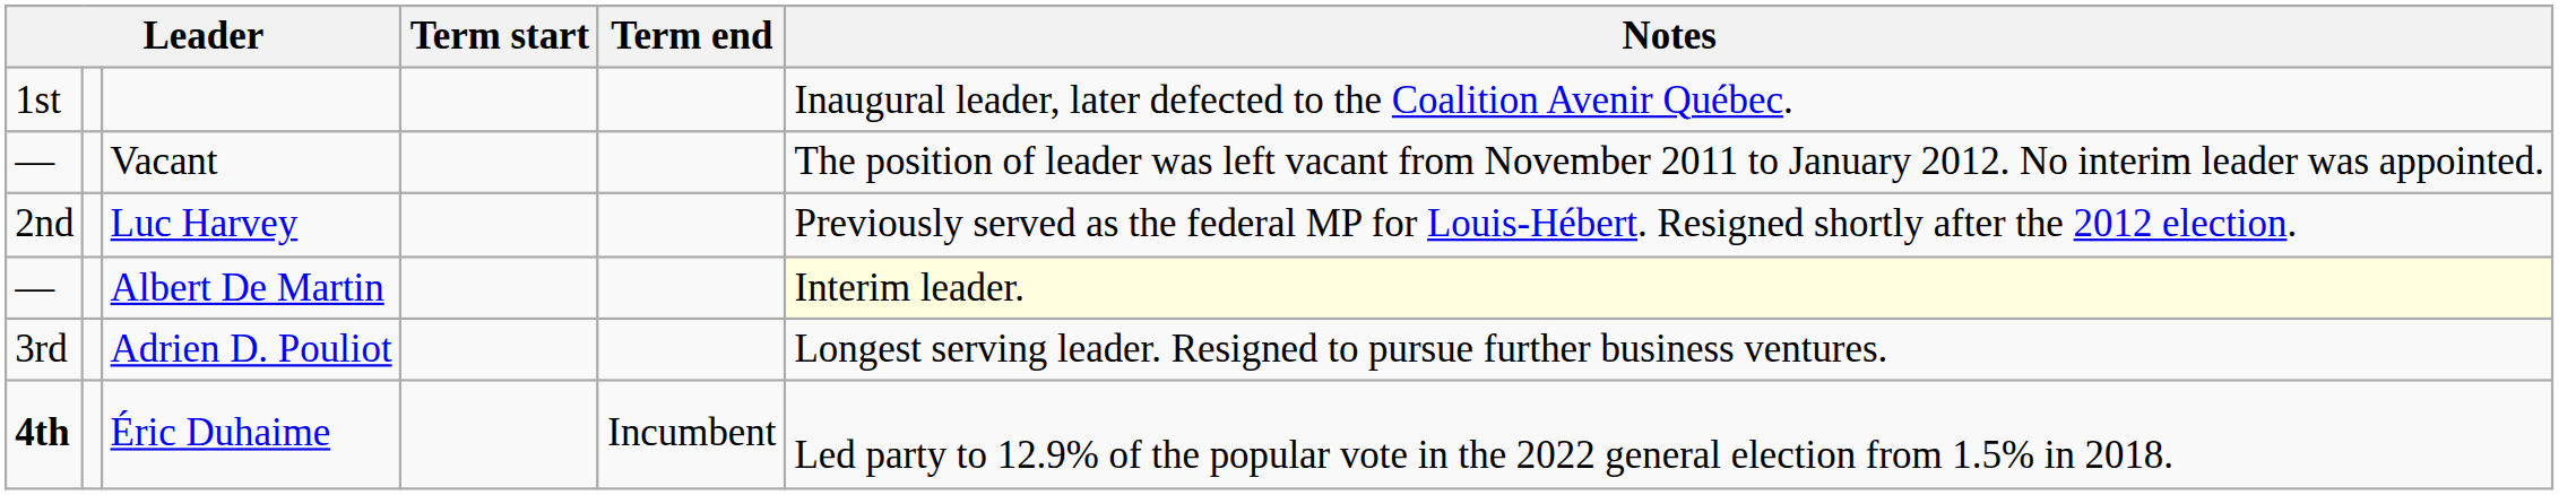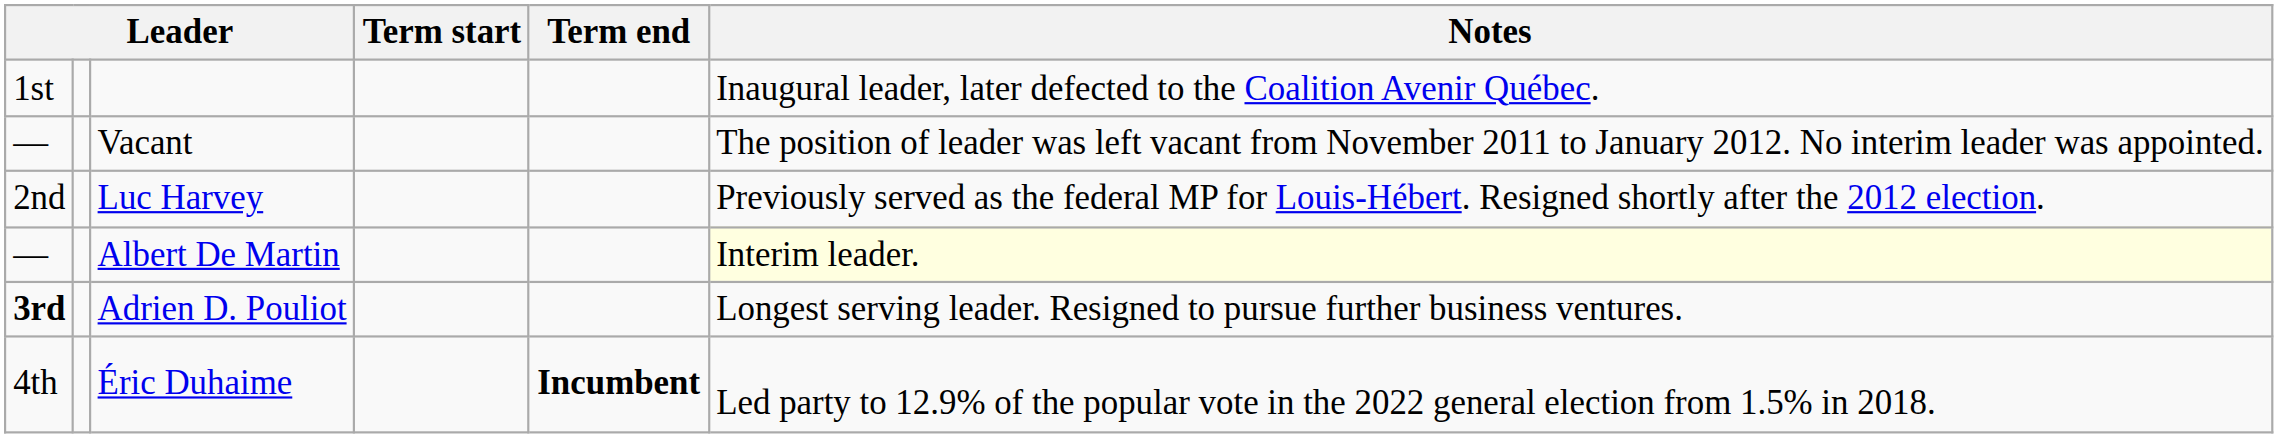 <table class="wikitable">
 <tr>
 <th colspan=3>Leader</th>
 <th>Term start</th>
 <th>Term end</th>
 <th>Notes</th>
 </tr>
 <tr>
 <td>1st</td>
 <td></td>
 <td></td>
 <td></td>
 <td></td>
 <td>Inaugural leader, later defected to the <a href='#'>Coalition Avenir Québec</a>.</td>
 </tr>
 <tr>
 <td>—</td>
 <td></td>
 <td>Vacant</td>
 <td></td>
 <td></td>
 <td>The position of leader was left vacant from November 2011 to January 2012. No interim leader was appointed.</td>
 </tr>
 <tr>
 <td>2nd</td>
 <td></td>
 <td><a href='#'>Luc Harvey</a></td>
 <td></td>
 <td></td>
 <td>Previously served as the federal MP for <a href='#'>Louis-Hébert</a>. Resigned shortly after the <a href='#'>2012 election</a>.</td>
 </tr>
 <tr>
 <td>—</td>
 <td></td>
 <td><a href='#'>Albert De Martin</a></td>
 <td></td>
 <td></td>
 <td style="background: lightyellow;">Interim leader.</td>
 </tr>
 <tr>
-<td>3rd</td>
+<td><strong>3rd</strong></td>
 <td></td>
 <td><a href='#'>Adrien D. Pouliot</a></td>
 <td></td>
 <td></td>
 <td>Longest serving leader. Resigned to pursue further business ventures.</td>
 </tr>
 <tr>
-<td><strong>4th</strong></td>
+<td>4th</td>
 <td></td>
 <td><a href='#'>Éric Duhaime</a></td>
 <td></td>
-<td>Incumbent</td>
+<td><strong>Incumbent</strong></td>
 <td><br>Led party to 12.9% of the popular vote in the 2022 general election from 1.5% in 2018.</td>
 </tr>
 </table>
